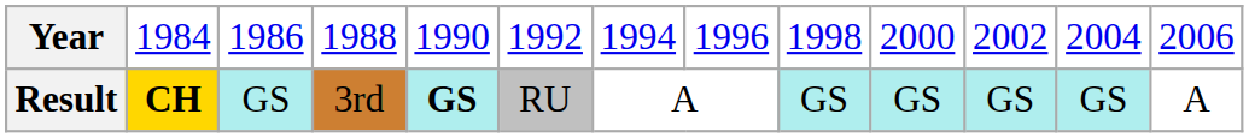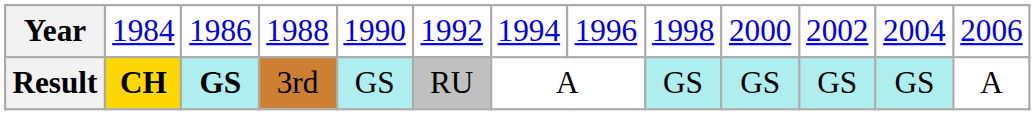 <table class="wikitable" style="text-align:center; font-size:90%; background:white">
 <tr>
 <th>Year</th>
 <td><a href='#'>1984</a></td>
 <td><a href='#'>1986</a></td>
 <td><a href='#'>1988</a></td>
 <td><a href='#'>1990</a></td>
 <td><a href='#'>1992</a></td>
 <td><a href='#'>1994</a></td>
 <td><a href='#'>1996</a></td>
 <td><a href='#'>1998</a></td>
 <td><a href='#'>2000</a></td>
 <td><a href='#'>2002</a></td>
 <td><a href='#'>2004</a></td>
 <td><a href='#'>2006</a></td>
 </tr>
 <tr>
 <th>Result</th>
 <td bgcolor="gold"><strong>CH</strong></td>
+<td bgcolor="afeeee"><strong>GS</strong></td>
+<td bgcolor="cd7f32">3rd</td>
 <td bgcolor="afeeee">GS</td>
-<td bgcolor="cd7f32">3rd</td>
-<td bgcolor="afeeee"><strong>GS</strong></td>
 <td bgcolor="silver">RU</td>
 <td colspan="2">A</td>
 <td bgcolor="afeeee">GS</td>
 <td bgcolor="afeeee">GS</td>
 <td bgcolor="afeeee">GS</td>
 <td bgcolor="afeeee">GS</td>
 <td>A</td>
 </tr>
 </table>
